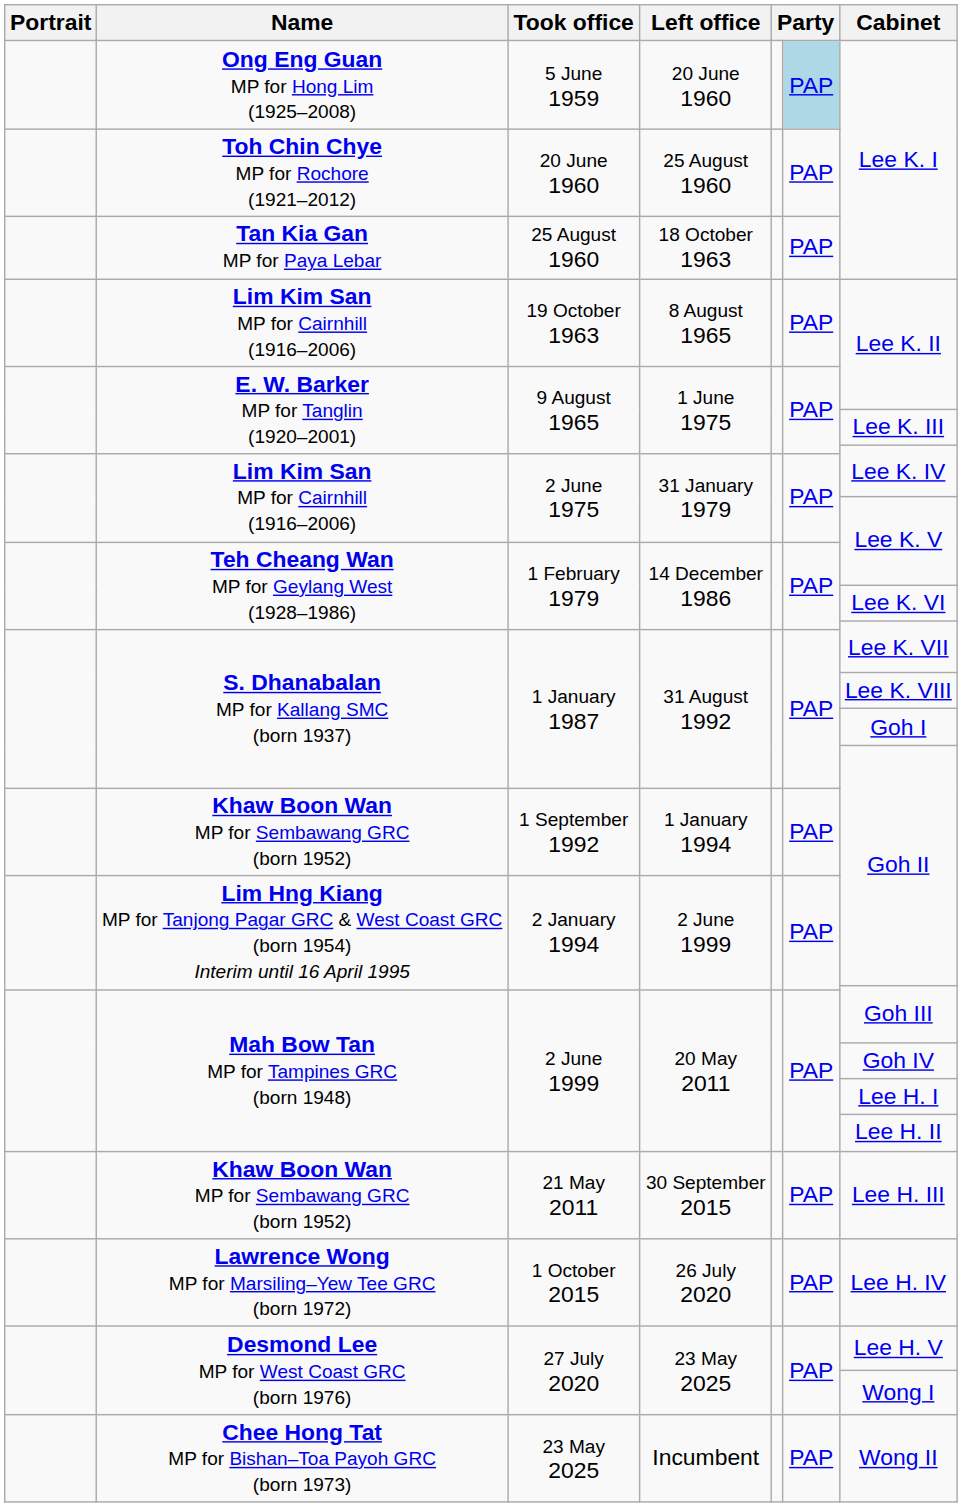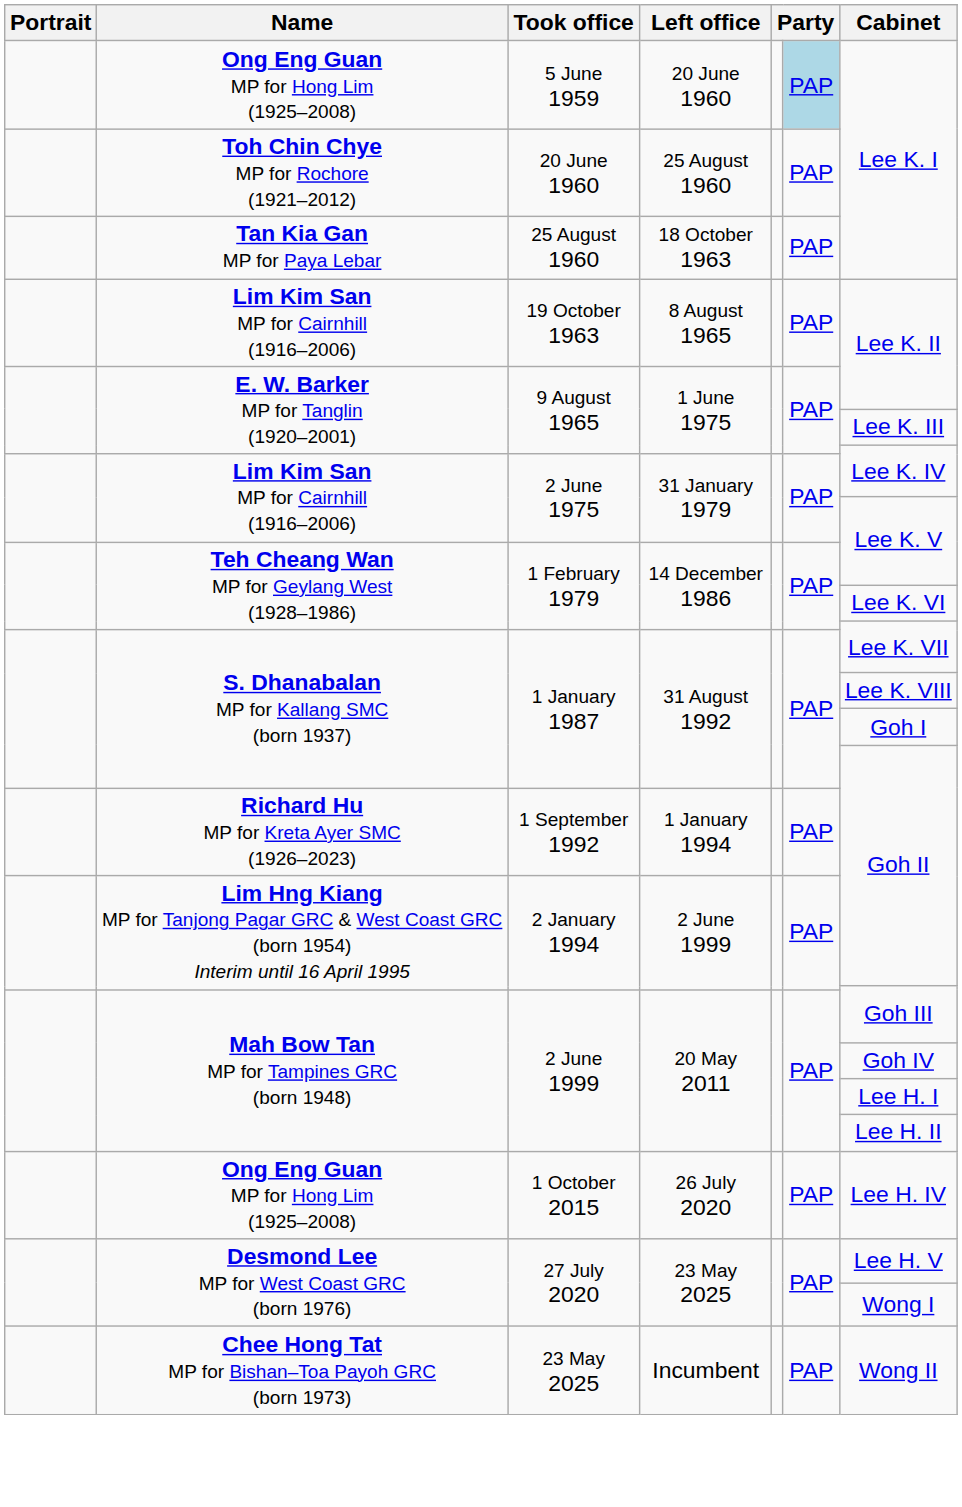 <table class="wikitable" style="text-align:center; border:1px #aaf solid;">
 <tr>
 <th>Portrait</th>
 <th>Name<br></th>
 <th width="85">Took office</th>
 <th width="85">Left office</th>
 <th colspan="2">Party</th>
 <th>Cabinet</th>
 </tr>
 <tr>
 <td></td>
 <td><strong><a href='#'>Ong Eng Guan</a></strong><br><small>MP for <a href='#'>Hong Lim</a></small><br><small>(1925–2008)</small></td>
 <td><small>5 June</small><br>1959</td>
 <td><small>20 June</small><br>1960</td>
 <td style="background:"></td>
 <td style="background: lightblue;"><a href='#'>PAP</a></td>
 <td rowspan="3"><a href='#'>Lee K. I</a></td>
 </tr>
 <tr>
 <td></td>
 <td><strong><a href='#'>Toh Chin Chye</a></strong><br><small>MP for <a href='#'>Rochore</a></small><br><small>(1921–2012)</small></td>
 <td><small>20 June</small><br>1960</td>
 <td><small>25 August</small><br>1960</td>
 <td style="background:"></td>
 <td><a href='#'>PAP</a></td>
 </tr>
 <tr>
 <td></td>
 <td><strong><a href='#'>Tan Kia Gan</a></strong><br><small>MP for <a href='#'>Paya Lebar</a></small></td>
 <td><small>25 August</small><br>1960</td>
 <td><small>18 October</small><br>1963</td>
 <td style="background:"></td>
 <td><a href='#'>PAP</a></td>
 </tr>
 <tr>
 <td></td>
 <td><strong><a href='#'>Lim Kim San</a></strong><br><small>MP for <a href='#'>Cairnhill</a></small><br><small>(1916–2006)</small></td>
 <td><small>19 October</small><br>1963</td>
 <td><small>8 August</small><br>1965</td>
 <td style="background:"></td>
 <td><a href='#'>PAP</a></td>
 <td rowspan="2"><a href='#'>Lee K. II</a></td>
 </tr>
 <tr style="height:30px;">
 <td rowspan="3"></td>
 <td rowspan="3"><strong><a href='#'>E. W. Barker</a></strong><br><small>MP for <a href='#'>Tanglin</a></small><br><small>(1920–2001)</small></td>
 <td rowspan="3"><small>9 August</small><br>1965</td>
 <td rowspan="3"><small>1 June</small><br>1975</td>
 <td rowspan="3" style="background:"></td>
 <td rowspan="3"><a href='#'>PAP</a></td>
 </tr>
 <tr>
 <td><a href='#'>Lee K. III</a></td>
 </tr>
 <tr>
 <td rowspan="2"><a href='#'>Lee K. IV</a></td>
 </tr>
 <tr style="height:30px;">
 <td rowspan="2"></td>
 <td rowspan="2"><strong><a href='#'>Lim Kim San</a></strong><br><small>MP for <a href='#'>Cairnhill</a></small><br><small>(1916–2006)</small></td>
 <td rowspan="2"><small>2 June</small><br>1975</td>
 <td rowspan="2"><small>31 January</small><br>1979</td>
 <td rowspan="2" style="background:"></td>
 <td rowspan="2"><a href='#'>PAP</a></td>
 </tr>
 <tr>
 <td rowspan="2"><a href='#'>Lee K. V</a></td>
 </tr>
 <tr style="height:30px;">
 <td rowspan="3"></td>
 <td rowspan="3"><strong><a href='#'>Teh Cheang Wan</a></strong><br><small>MP for <a href='#'>Geylang West</a></small><br><small>(1928–1986)</small></td>
 <td rowspan="3"><small>1 February</small><br>1979</td>
 <td rowspan="3"><small>14 December</small><br>1986</td>
 <td rowspan="3" style="background:"></td>
 <td rowspan="3"><a href='#'>PAP</a></td>
 </tr>
 <tr>
 <td><a href='#'>Lee K. VI</a></td>
 </tr>
 <tr>
 <td rowspan="2"><a href='#'>Lee K. VII</a></td>
 </tr>
 <tr style="height:30px;">
 <td rowspan="4"></td>
 <td rowspan="4"><strong><a href='#'>S. Dhanabalan</a></strong><br><small>MP for <a href='#'>Kallang SMC</a></small><br><small>(born 1937)</small></td>
 <td rowspan="4"><small>1 January</small><br>1987</td>
 <td rowspan="4"><small>31 August</small><br>1992</td>
 <td rowspan="4" style="background:"></td>
 <td rowspan="4"><a href='#'>PAP</a></td>
 </tr>
 <tr>
 <td><a href='#'>Lee K. VIII</a></td>
 </tr>
 <tr>
 <td><a href='#'>Goh I</a></td>
 </tr>
 <tr style="height:30px;">
 <td rowspan="3"><a href='#'>Goh II</a></td>
 </tr>
 <tr>
 <td></td>
-<td><strong><a href='#'>Khaw Boon Wan</a></strong><br><small>MP for <a href='#'>Sembawang GRC</a><br>(born 1952)</small></td>
+<td><strong><a href='#'>Richard Hu</a></strong><br><small>MP for <a href='#'>Kreta Ayer SMC</a><br>(1926–2023)</small></td>
 <td><small>1 September</small><br>1992</td>
 <td><small>1 January</small><br>1994</td>
 <td style="background:"></td>
 <td><a href='#'>PAP</a></td>
 </tr>
 <tr style="height:77px;">
 <td rowspan="2"></td>
 <td rowspan="2"><strong><a href='#'>Lim Hng Kiang</a></strong><br><small>MP for <a href='#'>Tanjong Pagar GRC</a> & <a href='#'>West Coast GRC</a><br>(born 1954)<br><em>Interim until 16 April 1995</em></small></td>
 <td rowspan="2"><small>2 January</small><br>1994</td>
 <td rowspan="2"><small>2 June</small><br>1999</td>
 <td rowspan="2" style="background:"></td>
 <td rowspan="2"><a href='#'>PAP</a></td>
 </tr>
 <tr>
 <td rowspan="2"><a href='#'>Goh III</a></td>
 </tr>
 <tr style="height:37px;">
 <td rowspan="4"></td>
 <td rowspan="4"><strong><a href='#'>Mah Bow Tan</a></strong><br><small>MP for <a href='#'>Tampines GRC</a><br>(born 1948)</small></td>
 <td rowspan="4"><small>2 June</small><br>1999</td>
 <td rowspan="4"><small>20 May</small><br>2011</td>
 <td rowspan="4" style="background:"></td>
 <td rowspan="4"><a href='#'>PAP</a></td>
 </tr>
 <tr>
 <td><a href='#'>Goh IV</a></td>
 </tr>
 <tr>
 <td><a href='#'>Lee H. I</a></td>
 </tr>
 <tr>
 <td><a href='#'>Lee H. II</a></td>
 </tr>
 <tr>
 <td></td>
-<td><strong><a href='#'>Khaw Boon Wan</a></strong><br><small>MP for <a href='#'>Sembawang GRC</a><br>(born 1952)</small></td>
-<td><small>21 May</small><br>2011</td>
-<td><small>30 September</small><br>2015</td>
-<td style="background:"></td>
-<td><a href='#'>PAP</a></td>
-<td><a href='#'>Lee H. III</a></td>
-</tr>
-<tr>
-<td></td>
-<td><strong><a href='#'>Lawrence Wong</a></strong><br><small>MP for <a href='#'>Marsiling–Yew Tee GRC</a><br>(born 1972)</small></td>
+<td><strong><a href='#'>Ong Eng Guan</a></strong><br><small>MP for <a href='#'>Hong Lim</a></small><br><small>(1925–2008)</small></td>
 <td><small>1 October</small><br>2015</td>
 <td><small>26 July</small><br>2020</td>
 <td style="background:"></td>
 <td><a href='#'>PAP</a></td>
 <td><a href='#'>Lee H. IV</a></td>
 </tr>
 <tr>
 <td rowspan="2"></td>
 <td rowspan="2"><a href='#'><strong>Desmond Lee</strong></a><br><small>MP for <a href='#'>West Coast GRC</a><br>(born 1976)</small></td>
 <td rowspan="2"><small>27 July</small><br>2020</td>
 <td rowspan="2"><small>23 May</small><br>2025</td>
 <td rowspan="2" style="background:"></td>
 <td rowspan="2"><a href='#'>PAP</a></td>
 <td><a href='#'>Lee H. V</a></td>
 </tr>
 <tr>
 <td><a href='#'>Wong I</a></td>
 </tr>
 <tr>
 <td></td>
 <td><strong><a href='#'>Chee Hong Tat</a></strong><br><small>MP for <a href='#'>Bishan–Toa Payoh GRC</a><br>(born 1973)</small></td>
 <td><small>23 May</small><br>2025</td>
 <td>Incumbent</td>
 <td style="background:"></td>
 <td><a href='#'>PAP</a></td>
 <td><a href='#'>Wong II</a></td>
 </tr>
 </table>
